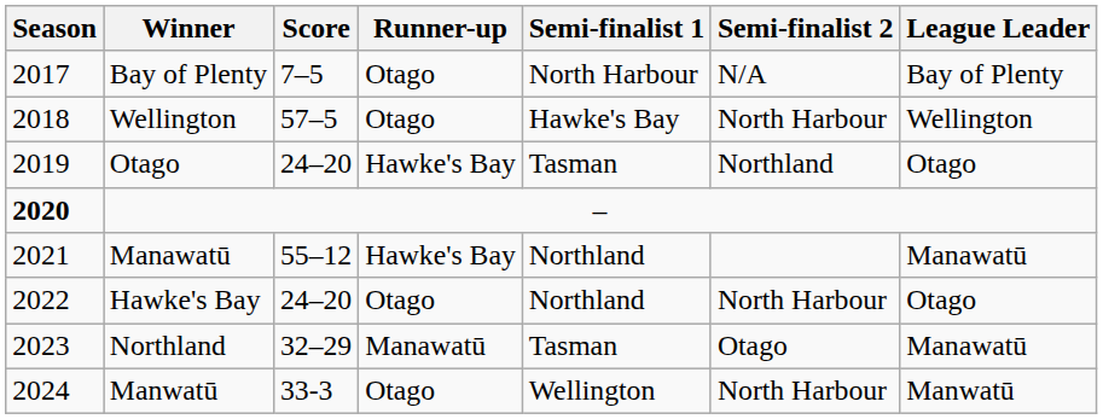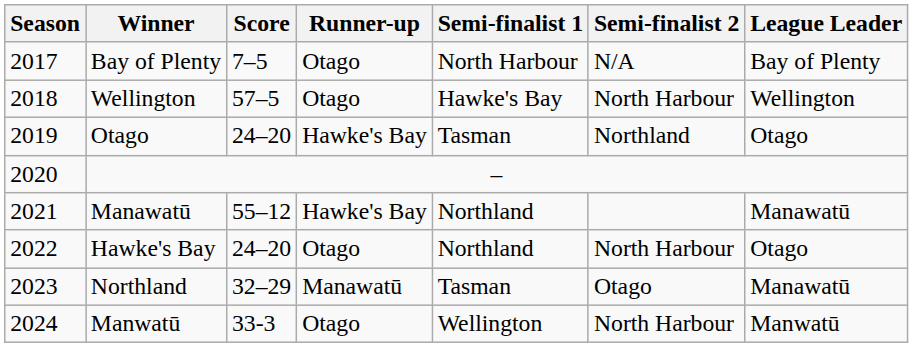 <table class="wikitable">
 <tr>
 <th>Season</th>
 <th>Winner</th>
 <th>Score</th>
 <th>Runner-up</th>
 <th>Semi-finalist 1</th>
 <th>Semi-finalist 2</th>
 <th>League Leader</th>
 </tr>
 <tr>
 <td>2017</td>
 <td>Bay of Plenty</td>
 <td>7–5</td>
 <td>Otago</td>
 <td>North Harbour</td>
 <td>N/A</td>
 <td>Bay of Plenty</td>
 </tr>
 <tr>
 <td>2018</td>
 <td>Wellington</td>
 <td>57–5</td>
 <td>Otago</td>
 <td>Hawke's Bay</td>
 <td>North Harbour</td>
 <td>Wellington</td>
 </tr>
 <tr>
 <td>2019</td>
 <td>Otago</td>
 <td>24–20</td>
 <td>Hawke's Bay</td>
 <td>Tasman</td>
 <td>Northland</td>
 <td>Otago</td>
 </tr>
 <tr>
-<td><strong>2020</strong></td>
+<td>2020</td>
 <td colspan="6"; align=center>–</td>
 </tr>
 <tr>
 <td>2021</td>
 <td>Manawatū</td>
 <td>55–12</td>
 <td>Hawke's Bay</td>
 <td>Northland</td>
 <td></td>
 <td>Manawatū</td>
 </tr>
 <tr>
 <td>2022</td>
 <td>Hawke's Bay</td>
 <td>24–20</td>
 <td>Otago</td>
 <td>Northland</td>
 <td>North Harbour</td>
 <td>Otago</td>
 </tr>
 <tr>
 <td>2023</td>
 <td>Northland</td>
 <td>32–29</td>
 <td>Manawatū</td>
 <td>Tasman</td>
 <td>Otago</td>
 <td>Manawatū</td>
 </tr>
 <tr>
 <td>2024</td>
 <td>Manwatū</td>
 <td>33-3</td>
 <td>Otago</td>
 <td>Wellington</td>
 <td>North Harbour</td>
 <td>Manwatū</td>
 </tr>
 </table>
